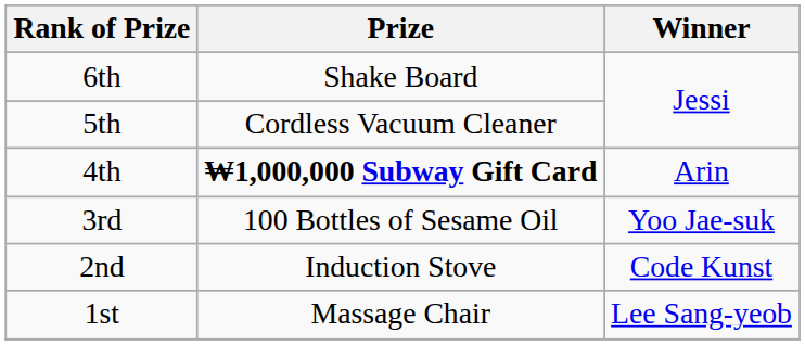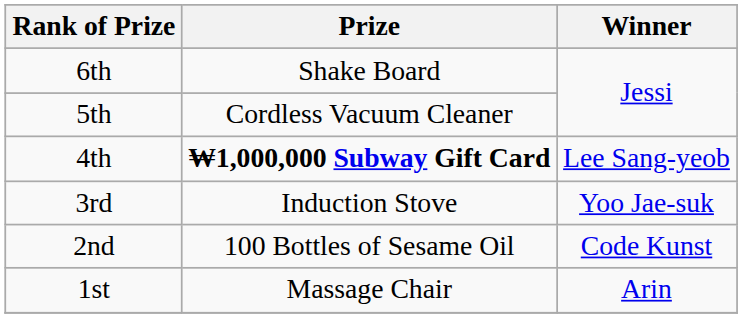 <table class="wikitable plainrowheaders nowrap" style="margin:auto; text-align:center">
 <tr>
 <th>Rank of Prize</th>
 <th>Prize</th>
 <th>Winner</th>
 </tr>
 <tr>
 <td>6th</td>
 <td>Shake Board</td>
 <td rowspan="2"><a href='#'>Jessi</a></td>
 </tr>
 <tr>
 <td>5th</td>
 <td>Cordless Vacuum Cleaner</td>
 </tr>
 <tr>
 <td>4th</td>
 <td><strong>₩1,000,000 <a href='#'>Subway</a> Gift Card</strong></td>
-<td><a href='#'>Arin</a></td>
+<td><a href='#'>Lee Sang-yeob</a></td>
 </tr>
 <tr>
 <td>3rd</td>
-<td>100 Bottles of Sesame Oil</td>
+<td>Induction Stove</td>
 <td><a href='#'>Yoo Jae-suk</a></td>
 </tr>
 <tr>
 <td>2nd</td>
-<td>Induction Stove</td>
+<td>100 Bottles of Sesame Oil</td>
 <td><a href='#'>Code Kunst</a></td>
 </tr>
 <tr>
 <td>1st</td>
 <td>Massage Chair</td>
-<td><a href='#'>Lee Sang-yeob</a></td>
+<td><a href='#'>Arin</a></td>
 </tr>
 <tr>
 </tr>
 </table>
